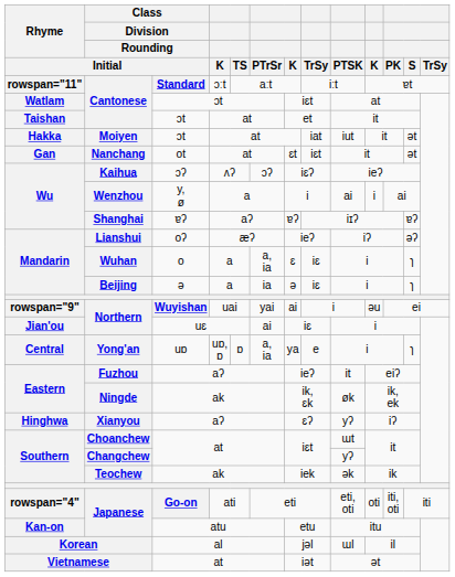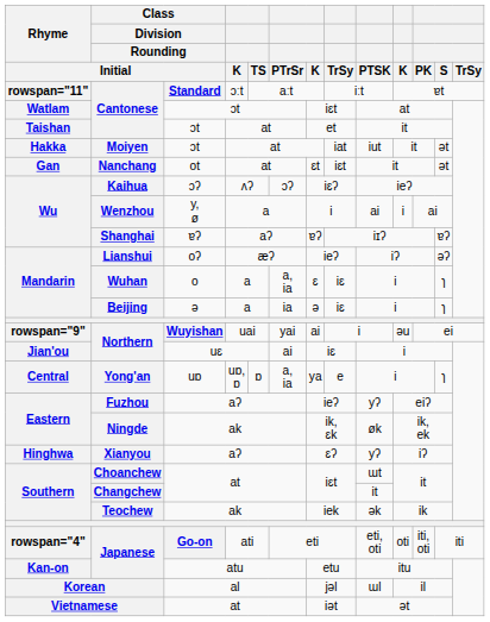 <table class="wikitable" style="text-align: center;">
 <tr>
 <th rowspan="3">Rhyme</th>
 <th colspan="2">Class</th>
 <th colspan="2"></th>
 <th colspan="2"></th>
 <th></th>
 <th></th>
 <th></th>
 <th colspan="3"></th>
 </tr>
 <tr>
 <th colspan="2">Division</th>
 <th colspan="2"></th>
 <th colspan="2"></th>
 <th></th>
 <th></th>
 <th></th>
 <th colspan="3"></th>
 </tr>
 <tr>
 <th colspan="2">Rounding</th>
 <th colspan="2"></th>
 <th colspan="2"></th>
 <th></th>
 <th></th>
 <th></th>
 <th colspan="3"></th>
 </tr>
 <tr>
 <th colspan="3">Initial</th>
 <th>K</th>
 <th>TS</th>
 <th>PTrSr</th>
 <th>K</th>
 <th>TrSy</th>
 <th>PTSK</th>
 <th>K</th>
 <th>PK</th>
 <th>S</th>
 <th>TrSy</th>
 </tr>
 <tr>
 <th>rowspan="11" </th>
 <th rowspan="3"><a href='#'>Cantonese</a></th>
 <th><a href='#'>Standard</a></th>
 <td>ɔːt</td>
 <td colspan="3">aːt</td>
 <td colspan="2">iːt</td>
 <td colspan="4">ɐt</td>
 </tr>
 <tr>
 <th><a href='#'>Watlam</a></th>
 <td colspan="4">ɔt</td>
 <td colspan="2">iɛt</td>
 <td colspan="4">at</td>
 </tr>
 <tr>
 <th><a href='#'>Taishan</a></th>
 <td>ɔt</td>
 <td colspan="3">at</td>
 <td colspan="2">et</td>
 <td colspan="4">it</td>
 </tr>
 <tr>
 <th><a href='#'>Hakka</a></th>
 <th><a href='#'>Moiyen</a></th>
 <td>ɔt</td>
 <td colspan="4">at</td>
 <td>iat</td>
 <td>iut</td>
 <td colspan="2">it</td>
 <td>ət</td>
 </tr>
 <tr>
 <th><a href='#'>Gan</a></th>
 <th><a href='#'>Nanchang</a></th>
 <td>ot</td>
 <td colspan="3">at</td>
 <td>ɛt</td>
 <td>iɛt</td>
 <td colspan="3">it</td>
 <td>ət</td>
 </tr>
 <tr>
 <th rowspan="3"><a href='#'>Wu</a></th>
 <th><a href='#'>Kaihua</a></th>
 <td>ɔʔ</td>
 <td colspan="2">ʌʔ</td>
 <td>ɔʔ</td>
 <td colspan="2">iɛʔ</td>
 <td colspan="4">ieʔ</td>
 </tr>
 <tr>
 <th><a href='#'>Wenzhou</a></th>
 <td>y,<br>ø</td>
 <td colspan="3">a</td>
 <td colspan="2">i</td>
 <td>ai</td>
 <td>i</td>
 <td colspan="2">ai</td>
 </tr>
 <tr>
 <th><a href='#'>Shanghai</a></th>
 <td>ɐʔ</td>
 <td colspan="3">aʔ</td>
 <td>ɐʔ</td>
 <td colspan="4">iɪʔ</td>
 <td>ɐʔ</td>
 </tr>
 <tr>
 <th rowspan="3"><a href='#'>Mandarin</a></th>
 <th><a href='#'>Lianshui</a></th>
 <td>oʔ</td>
 <td colspan="3">æʔ</td>
 <td colspan="2">ieʔ</td>
 <td colspan="3">iʔ</td>
 <td>əʔ</td>
 </tr>
 <tr>
 <th><a href='#'>Wuhan</a></th>
 <td>o</td>
 <td colspan="2">a</td>
 <td>a,<br>ia</td>
 <td>ɛ</td>
 <td>iɛ</td>
 <td colspan="3">i</td>
 <td>ɿ</td>
 </tr>
 <tr>
 <th><a href='#'>Beijing</a></th>
 <td>ə</td>
 <td colspan="2">a</td>
 <td>ia</td>
 <td>ə</td>
 <td>iɛ</td>
 <td colspan="3">i</td>
 <td>ɿ</td>
 </tr>
 <tr>
 <th colspan="13"></th>
 </tr>
 <tr>
 <th>rowspan="9" </th>
 <th rowspan="2"><a href='#'>Northern</a></th>
 <th><a href='#'>Wuyishan</a></th>
 <td colspan="2">uai</td>
 <td>yai</td>
 <td>ai</td>
 <td colspan="2">i</td>
 <td>əu</td>
 <td colspan="3">ei</td>
 </tr>
 <tr>
 <th><a href='#'>Jian'ou</a></th>
 <td colspan="3">uɛ</td>
 <td>ai</td>
 <td colspan="2">iɛ</td>
 <td colspan="4">i</td>
 </tr>
 <tr>
 <th><a href='#'>Central</a></th>
 <th><a href='#'>Yong'an</a></th>
 <td>uɒ</td>
 <td>uɒ,<br>ɒ</td>
 <td>ɒ</td>
 <td>a,<br>ia</td>
 <td>ya</td>
 <td>e</td>
 <td colspan="3">i</td>
 <td>ɿ</td>
 </tr>
 <tr>
 <th rowspan="2"><a href='#'>Eastern</a></th>
 <th><a href='#'>Fuzhou</a></th>
 <td colspan="4">aʔ</td>
 <td colspan="2">ieʔ</td>
-<td>it</td>
+<td>yʔ</td>
 <td colspan="3">eiʔ</td>
 </tr>
 <tr>
 <th><a href='#'>Ningde</a></th>
 <td colspan="4">ak</td>
 <td colspan="2">ik,<br>ɛk</td>
 <td>øk</td>
 <td colspan="3">ik,<br>ek</td>
 </tr>
 <tr>
 <th><a href='#'>Hinghwa</a></th>
 <th><a href='#'>Xianyou</a></th>
 <td colspan="4">aʔ</td>
 <td colspan="2">ɛʔ</td>
 <td>yʔ</td>
 <td colspan="3">iʔ</td>
 </tr>
 <tr>
 <th rowspan="3"><a href='#'>Southern</a></th>
 <th><a href='#'>Choanchew</a></th>
 <td colspan="4" rowspan="2">at</td>
 <td colspan="2" rowspan="2">iɛt</td>
 <td>ɯt</td>
 <td colspan="3" rowspan="2">it</td>
 </tr>
 <tr>
 <th><a href='#'>Changchew</a></th>
-<td>yʔ</td>
+<td>it</td>
 </tr>
 <tr>
 <th><a href='#'>Teochew</a></th>
 <td colspan="4">ak</td>
 <td colspan="2">iek</td>
 <td>ək</td>
 <td colspan="3">ik</td>
 </tr>
 <tr>
 <th colspan="13"></th>
 </tr>
 <tr>
 <th>rowspan="4" </th>
 <th rowspan="2"><a href='#'>Japanese</a></th>
 <th><a href='#'>Go-on</a></th>
 <td colspan="2">ati</td>
 <td colspan="3">eti</td>
 <td>eti,<br>oti</td>
 <td>oti</td>
 <td>iti,<br>oti</td>
 <td colspan="2">iti</td>
 </tr>
 <tr>
 <th><a href='#'>Kan-on</a></th>
 <td colspan="4">atu</td>
 <td colspan="2">etu</td>
 <td colspan="4">itu</td>
 </tr>
 <tr>
 <th colspan="2"><a href='#'>Korean</a></th>
 <td colspan="4">al</td>
 <td colspan="2">jəl</td>
 <td>ɯl</td>
 <td colspan="3">il</td>
 </tr>
 <tr>
 <th colspan="2"><a href='#'>Vietnamese</a></th>
 <td colspan="4">at</td>
 <td colspan="2">iət</td>
 <td colspan="4">ət</td>
 </tr>
 </table>
